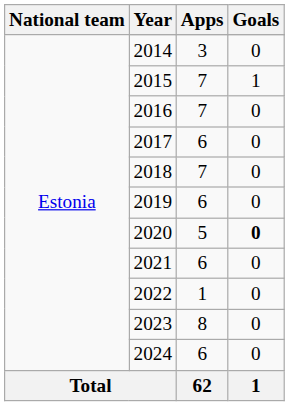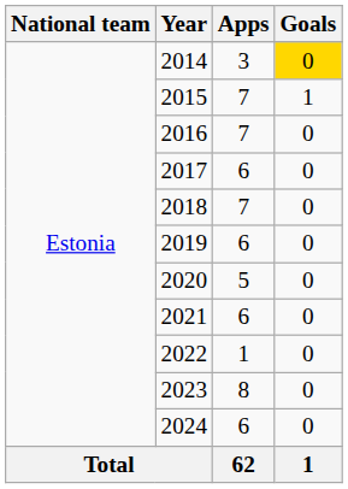 <table class="wikitable" style="text-align:center">
 <tr>
 <th>National team</th>
 <th>Year</th>
 <th>Apps</th>
 <th>Goals</th>
 </tr>
 <tr>
 <td rowspan=12><a href='#'>Estonia</a></td>
 </tr>
 <tr>
 <td>2014</td>
 <td>3</td>
-<td>0</td>
+<td style="background: gold;">0</td>
 </tr>
 <tr>
 <td>2015</td>
 <td>7</td>
 <td>1</td>
 </tr>
 <tr>
 <td>2016</td>
 <td>7</td>
 <td>0</td>
 </tr>
 <tr>
 <td>2017</td>
 <td>6</td>
 <td>0</td>
 </tr>
 <tr>
 <td>2018</td>
 <td>7</td>
 <td>0</td>
 </tr>
 <tr>
 <td>2019</td>
 <td>6</td>
 <td>0</td>
 </tr>
 <tr>
 <td>2020</td>
 <td>5</td>
-<td><strong>0</strong></td>
+<td>0</td>
 </tr>
 <tr>
 <td>2021</td>
 <td>6</td>
 <td>0</td>
 </tr>
 <tr>
 <td>2022</td>
 <td>1</td>
 <td>0</td>
 </tr>
 <tr>
 <td>2023</td>
 <td>8</td>
 <td>0</td>
 </tr>
 <tr>
 <td>2024</td>
 <td>6</td>
 <td>0</td>
 </tr>
 <tr>
 <th colspan=2>Total</th>
 <th>62</th>
 <th>1</th>
 </tr>
 </table>
